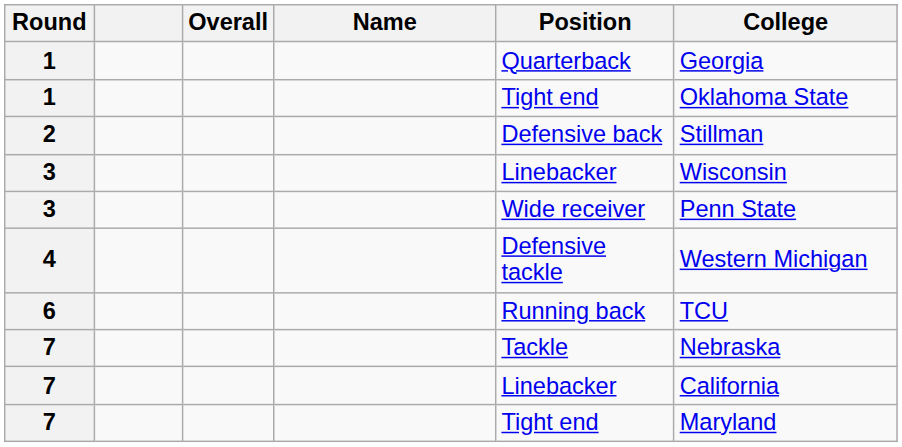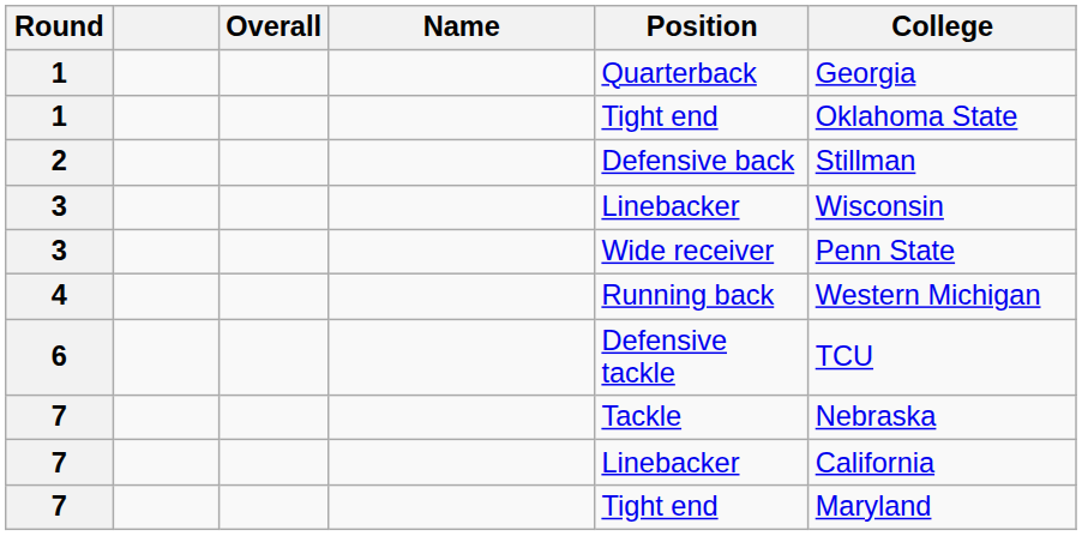 <table class="wikitable sortable">
 <tr>
 <th scope="col" style="width: 10%;">Round</th>
 <th scope="col" style="width: 10%;"></th>
 <th scope="col" style="width: 10%;">Overall</th>
 <th scope="col" style="width: 25%;">Name</th>
 <th scope="col" style="width: 20%;">Position</th>
 <th scope="col" style="width: 25%;">College</th>
 </tr>
 <tr>
 <th scope="row">1</th>
 <td></td>
 <td></td>
 <td></td>
 <td><a href='#'>Quarterback</a></td>
 <td><a href='#'>Georgia</a></td>
 </tr>
 <tr>
 <th scope="row">1</th>
 <td></td>
 <td></td>
 <td></td>
 <td><a href='#'>Tight end</a></td>
 <td><a href='#'>Oklahoma State</a></td>
 </tr>
 <tr>
 <th scope="row">2</th>
 <td></td>
 <td></td>
 <td></td>
 <td><a href='#'>Defensive back</a></td>
 <td><a href='#'>Stillman</a></td>
 </tr>
 <tr>
 <th scope="row">3</th>
 <td></td>
 <td></td>
 <td></td>
 <td><a href='#'>Linebacker</a></td>
 <td><a href='#'>Wisconsin</a></td>
 </tr>
 <tr>
 <th scope="row">3</th>
 <td></td>
 <td></td>
 <td></td>
 <td><a href='#'>Wide receiver</a></td>
 <td><a href='#'>Penn State</a></td>
 </tr>
 <tr>
 <th scope="row">4</th>
 <td></td>
 <td></td>
 <td></td>
-<td><a href='#'>Defensive tackle</a></td>
+<td><a href='#'>Running back</a></td>
 <td><a href='#'>Western Michigan</a></td>
 </tr>
 <tr>
 <th scope="row">6</th>
 <td></td>
 <td></td>
 <td></td>
-<td><a href='#'>Running back</a></td>
+<td><a href='#'>Defensive tackle</a></td>
 <td><a href='#'>TCU</a></td>
 </tr>
 <tr>
 <th scope="row">7</th>
 <td></td>
 <td></td>
 <td></td>
 <td><a href='#'>Tackle</a></td>
 <td><a href='#'>Nebraska</a></td>
 </tr>
 <tr>
 <th scope="row">7</th>
 <td></td>
 <td></td>
 <td></td>
 <td><a href='#'>Linebacker</a></td>
 <td><a href='#'>California</a></td>
 </tr>
 <tr>
 <th scope="row">7</th>
 <td></td>
 <td></td>
 <td></td>
 <td><a href='#'>Tight end</a></td>
 <td><a href='#'>Maryland</a></td>
 </tr>
 </table>
